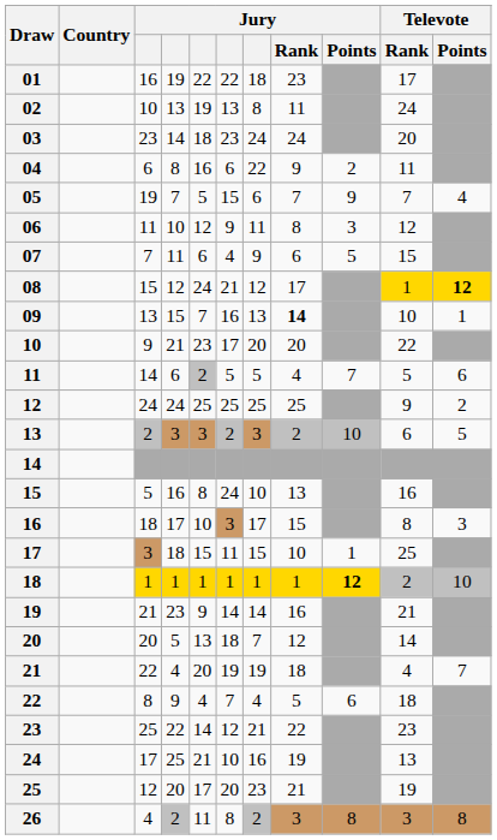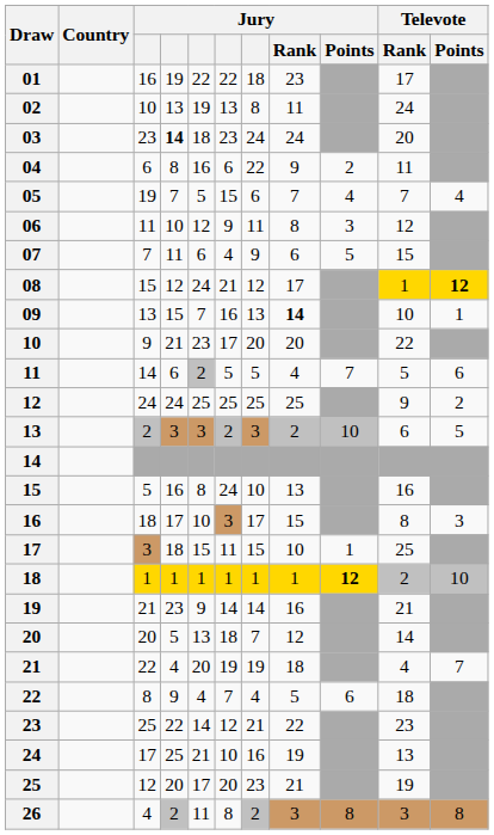 <table class="sortable wikitable collapsible plainrowheaders" style="text-align:center;">
 <tr>
 </tr>
 <tr>
 <th scope="col" rowspan="2">Draw</th>
 <th scope="col" rowspan="2">Country</th>
 <th scope="col" colspan="7">Jury</th>
 <th scope="col" colspan="2">Televote</th>
 </tr>
 <tr>
 <th scope="col"><small></small></th>
 <th scope="col"><small></small></th>
 <th scope="col"><small></small></th>
 <th scope="col"><small></small></th>
 <th scope="col"><small></small></th>
 <th scope="col">Rank</th>
 <th scope="col">Points</th>
 <th scope="col">Rank</th>
 <th scope="col">Points</th>
 </tr>
 <tr>
 <th scope="row" style="text-align:center;">01</th>
 <td style="text-align:left;"></td>
 <td>16</td>
 <td>19</td>
 <td>22</td>
 <td>22</td>
 <td>18</td>
 <td>23</td>
 <td style="background:#AAAAAA;"></td>
 <td>17</td>
 <td style="background:#AAAAAA;"></td>
 </tr>
 <tr>
 <th scope="row" style="text-align:center;">02</th>
 <td style="text-align:left;"></td>
 <td>10</td>
 <td>13</td>
 <td>19</td>
 <td>13</td>
 <td>8</td>
 <td>11</td>
 <td style="background:#AAAAAA;"></td>
 <td>24</td>
 <td style="background:#AAAAAA;"></td>
 </tr>
 <tr>
 <th scope="row" style="text-align:center;">03</th>
 <td style="text-align:left;"></td>
 <td>23</td>
-<td>14</td>
+<td><strong>14</strong></td>
 <td>18</td>
 <td>23</td>
 <td>24</td>
 <td>24</td>
 <td style="background:#AAAAAA;"></td>
 <td>20</td>
 <td style="background:#AAAAAA;"></td>
 </tr>
 <tr>
 <th scope="row" style="text-align:center;">04</th>
 <td style="text-align:left;"></td>
 <td>6</td>
 <td>8</td>
 <td>16</td>
 <td>6</td>
 <td>22</td>
 <td>9</td>
 <td>2</td>
 <td>11</td>
 <td style="background:#AAAAAA;"></td>
 </tr>
 <tr>
 <th scope="row" style="text-align:center;">05</th>
 <td style="text-align:left;"></td>
 <td>19</td>
 <td>7</td>
 <td>5</td>
 <td>15</td>
 <td>6</td>
 <td>7</td>
-<td>9</td>
+<td>4</td>
 <td>7</td>
 <td>4</td>
 </tr>
 <tr>
 <th scope="row" style="text-align:center;">06</th>
 <td style="text-align:left;"></td>
 <td>11</td>
 <td>10</td>
 <td>12</td>
 <td>9</td>
 <td>11</td>
 <td>8</td>
 <td>3</td>
 <td>12</td>
 <td style="background:#AAAAAA;"></td>
 </tr>
 <tr>
 <th scope="row" style="text-align:center;">07</th>
 <td style="text-align:left;"></td>
 <td>7</td>
 <td>11</td>
 <td>6</td>
 <td>4</td>
 <td>9</td>
 <td>6</td>
 <td>5</td>
 <td>15</td>
 <td style="background:#AAAAAA;"></td>
 </tr>
 <tr>
 <th scope="row" style="text-align:center;">08</th>
 <td style="text-align:left;"></td>
 <td>15</td>
 <td>12</td>
 <td>24</td>
 <td>21</td>
 <td>12</td>
 <td>17</td>
 <td style="background:#AAAAAA;"></td>
 <td style="background:gold;">1</td>
 <td style="background:gold;"><strong>12</strong></td>
 </tr>
 <tr>
 <th scope="row" style="text-align:center;">09</th>
 <td style="text-align:left;"></td>
 <td>13</td>
 <td>15</td>
 <td>7</td>
 <td>16</td>
 <td>13</td>
 <td><strong>14</strong></td>
 <td style="background:#AAAAAA;"></td>
 <td>10</td>
 <td>1</td>
 </tr>
 <tr>
 <th scope="row" style="text-align:center;">10</th>
 <td style="text-align:left;"></td>
 <td>9</td>
 <td>21</td>
 <td>23</td>
 <td>17</td>
 <td>20</td>
 <td>20</td>
 <td style="background:#AAAAAA;"></td>
 <td>22</td>
 <td style="background:#AAAAAA;"></td>
 </tr>
 <tr>
 <th scope="row" style="text-align:center;">11</th>
 <td style="text-align:left;"></td>
 <td>14</td>
 <td>6</td>
 <td style="background:silver;">2</td>
 <td>5</td>
 <td>5</td>
 <td>4</td>
 <td>7</td>
 <td>5</td>
 <td>6</td>
 </tr>
 <tr>
 <th scope="row" style="text-align:center;">12</th>
 <td style="text-align:left;"></td>
 <td>24</td>
 <td>24</td>
 <td>25</td>
 <td>25</td>
 <td>25</td>
 <td>25</td>
 <td style="background:#AAAAAA;"></td>
 <td>9</td>
 <td>2</td>
 </tr>
 <tr>
 <th scope="row" style="text-align:center;">13</th>
 <td style="text-align:left;"></td>
 <td style="background:silver;">2</td>
 <td style="background:#CC9966;">3</td>
 <td style="background:#CC9966;">3</td>
 <td style="background:silver;">2</td>
 <td style="background:#CC9966;">3</td>
 <td style="background:silver;">2</td>
 <td style="background:silver;">10</td>
 <td>6</td>
 <td>5</td>
 </tr>
 <tr class="sortbottom">
 <th scope="row" style="text-align:center;">14</th>
 <td style="text-align:left;"></td>
 <td style="background:#AAAAAA;"></td>
 <td style="background:#AAAAAA;"></td>
 <td style="background:#AAAAAA;"></td>
 <td style="background:#AAAAAA;"></td>
 <td style="background:#AAAAAA;"></td>
 <td style="background:#AAAAAA;"></td>
 <td style="background:#AAAAAA;"></td>
 <td style="background:#AAAAAA;"></td>
 <td style="background:#AAAAAA;"></td>
 </tr>
 <tr>
 <th scope="row" style="text-align:center;">15</th>
 <td style="text-align:left;"></td>
 <td>5</td>
 <td>16</td>
 <td>8</td>
 <td>24</td>
 <td>10</td>
 <td>13</td>
 <td style="background:#AAAAAA;"></td>
 <td>16</td>
 <td style="background:#AAAAAA;"></td>
 </tr>
 <tr>
 <th scope="row" style="text-align:center;">16</th>
 <td style="text-align:left;"></td>
 <td>18</td>
 <td>17</td>
 <td>10</td>
 <td style="background:#CC9966;">3</td>
 <td>17</td>
 <td>15</td>
 <td style="background:#AAAAAA;"></td>
 <td>8</td>
 <td>3</td>
 </tr>
 <tr>
 <th scope="row" style="text-align:center;">17</th>
 <td style="text-align:left;"></td>
 <td style="background:#CC9966;">3</td>
 <td>18</td>
 <td>15</td>
 <td>11</td>
 <td>15</td>
 <td>10</td>
 <td>1</td>
 <td>25</td>
 <td style="background:#AAAAAA;"></td>
 </tr>
 <tr>
 <th scope="row" style="text-align:center;">18</th>
 <td style="text-align:left;"></td>
 <td style="background:gold;">1</td>
 <td style="background:gold;">1</td>
 <td style="background:gold;">1</td>
 <td style="background:gold;">1</td>
 <td style="background:gold;">1</td>
 <td style="background:gold;">1</td>
 <td style="background:gold;"><strong>12</strong></td>
 <td style="background:silver;">2</td>
 <td style="background:silver;">10</td>
 </tr>
 <tr>
 <th scope="row" style="text-align:center;">19</th>
 <td style="text-align:left;"></td>
 <td>21</td>
 <td>23</td>
 <td>9</td>
 <td>14</td>
 <td>14</td>
 <td>16</td>
 <td style="background:#AAAAAA;"></td>
 <td>21</td>
 <td style="background:#AAAAAA;"></td>
 </tr>
 <tr>
 <th scope="row" style="text-align:center;">20</th>
 <td style="text-align:left;"></td>
 <td>20</td>
 <td>5</td>
 <td>13</td>
 <td>18</td>
 <td>7</td>
 <td>12</td>
 <td style="background:#AAAAAA;"></td>
 <td>14</td>
 <td style="background:#AAAAAA;"></td>
 </tr>
 <tr>
 <th scope="row" style="text-align:center;">21</th>
 <td style="text-align:left;"></td>
 <td>22</td>
 <td>4</td>
 <td>20</td>
 <td>19</td>
 <td>19</td>
 <td>18</td>
 <td style="background:#AAAAAA;"></td>
 <td>4</td>
 <td>7</td>
 </tr>
 <tr>
 <th scope="row" style="text-align:center;">22</th>
 <td style="text-align:left;"></td>
 <td>8</td>
 <td>9</td>
 <td>4</td>
 <td>7</td>
 <td>4</td>
 <td>5</td>
 <td>6</td>
 <td>18</td>
 <td style="background:#AAAAAA;"></td>
 </tr>
 <tr>
 <th scope="row" style="text-align:center;">23</th>
 <td style="text-align:left;"></td>
 <td>25</td>
 <td>22</td>
 <td>14</td>
 <td>12</td>
 <td>21</td>
 <td>22</td>
 <td style="background:#AAAAAA;"></td>
 <td>23</td>
 <td style="background:#AAAAAA;"></td>
 </tr>
 <tr>
 <th scope="row" style="text-align:center;">24</th>
 <td style="text-align:left;"></td>
 <td>17</td>
 <td>25</td>
 <td>21</td>
 <td>10</td>
 <td>16</td>
 <td>19</td>
 <td style="background:#AAAAAA;"></td>
 <td>13</td>
 <td style="background:#AAAAAA;"></td>
 </tr>
 <tr>
 <th scope="row" style="text-align:center;">25</th>
 <td style="text-align:left;"></td>
 <td>12</td>
 <td>20</td>
 <td>17</td>
 <td>20</td>
 <td>23</td>
 <td>21</td>
 <td style="background:#AAAAAA;"></td>
 <td>19</td>
 <td style="background:#AAAAAA;"></td>
 </tr>
 <tr>
 <th scope="row" style="text-align:center;">26</th>
 <td style="text-align:left;"></td>
 <td>4</td>
 <td style="background:silver;">2</td>
 <td>11</td>
 <td>8</td>
 <td style="background:silver;">2</td>
 <td style="background:#CC9966;">3</td>
 <td style="background:#CC9966;">8</td>
 <td style="background:#CC9966;">3</td>
 <td style="background:#CC9966;">8</td>
 </tr>
 </table>
